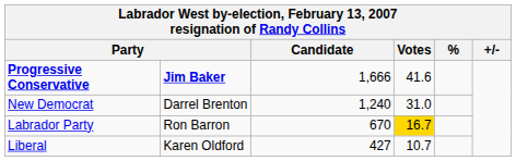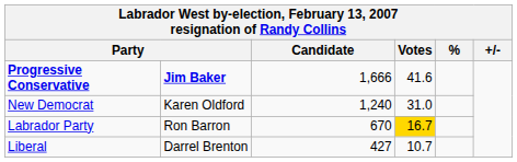 <table class="wikitable">
 <tr style="background:#e9e9e9;">
 <th colspan="6">Labrador West by-election, February 13, 2007<br>resignation of <a href='#'>Randy Collins</a></th>
 </tr>
 <tr style="background:#e9e9e9;">
 <th colspan="2" style="width: 200px">Party</th>
 <th style="width: 170px">Candidate</th>
 <th style="width: 40px">Votes</th>
 <th style="width: 40px">%</th>
 <th style="width: 40px">+/-</th>
 </tr>
 <tr>
 <td style="width: 185px"><strong><a href='#'>Progressive Conservative</a></strong></td>
 <td><strong><a href='#'>Jim Baker</a></strong></td>
 <td align=right>1,666</td>
 <td align=right>41.6</td>
 <td align=right></td>
 </tr>
 <tr>
 <td style="width: 185px"><a href='#'>New Democrat</a></td>
-<td>Darrel Brenton</td>
+<td>Karen Oldford</td>
 <td align=right>1,240</td>
 <td align=right>31.0</td>
 <td align=right></td>
 </tr>
 <tr>
 <td style="width: 185px"><a href='#'>Labrador Party</a></td>
 <td>Ron Barron</td>
 <td align=right>670</td>
 <td align=right style="background: gold;">16.7</td>
 <td align=right></td>
 </tr>
 <tr>
 <td style="width: 185px"><a href='#'>Liberal</a></td>
-<td>Karen Oldford</td>
+<td>Darrel Brenton</td>
 <td align=right>427</td>
 <td align=right>10.7</td>
 <td align=right></td>
 </tr>
 </table>
